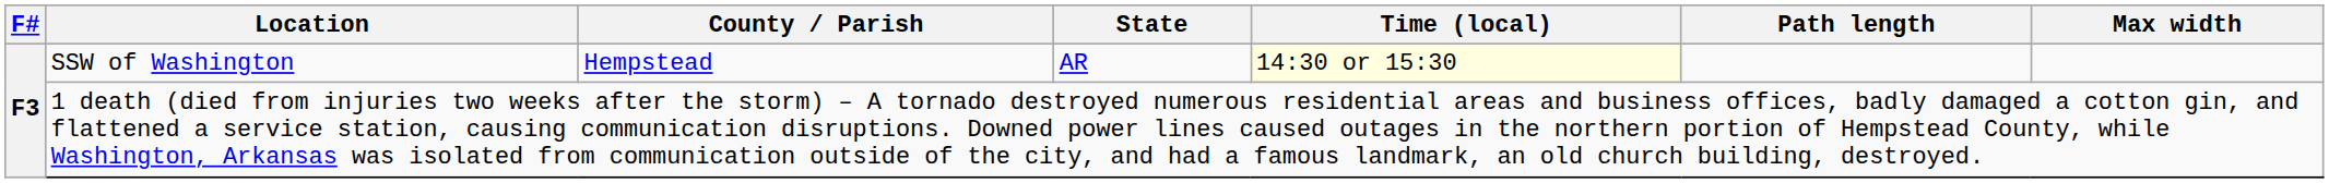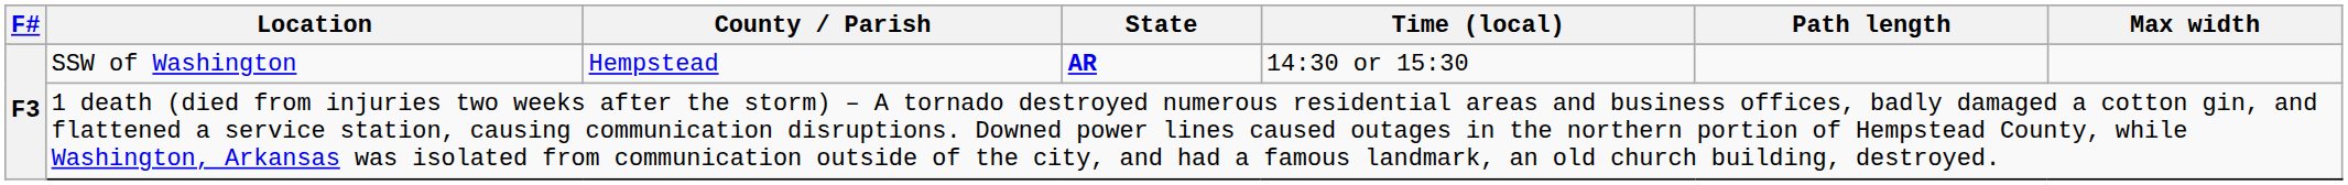 <table class="wikitable sortable" style="width:100%;">
 <tr>
 <th scope="col" align="center"><a href='#'>F#</a><br></th>
 <th scope="col" align="center" class="unsortable">Location</th>
 <th scope="col" align="center" class="unsortable">County / Parish</th>
 <th scope="col" align="center">State</th>
 <th scope="col" align="center">Time (local)</th>
 <th scope="col" align="center">Path length</th>
 <th scope="col" align="center">Max width</th>
 </tr>
 <tr>
 <th scope="row" rowspan="2" style="background-color:#">F3</th>
 <td>SSW of <a href='#'>Washington</a></td>
 <td><a href='#'>Hempstead</a></td>
-<td><a href='#'>AR</a></td>
-<td style="background: lightyellow;">14:30 or 15:30</td>
+<td><strong><a href='#'>AR</a></strong></td>
+<td>14:30 or 15:30</td>
 <td></td>
 <td></td>
 </tr>
 <tr class="expand-child">
 <td colspan="6" style="border-bottom: 1px solid black;">1 death (died from injuries two weeks after the storm) – A tornado destroyed numerous residential areas and business offices, badly damaged a cotton gin, and flattened a service station, causing communication disruptions. Downed power lines caused outages in the northern portion of Hempstead County, while <a href='#'>Washington, Arkansas</a> was isolated from communication outside of the city, and had a famous landmark, an old church building, destroyed.</td>
 </tr>
 </table>
